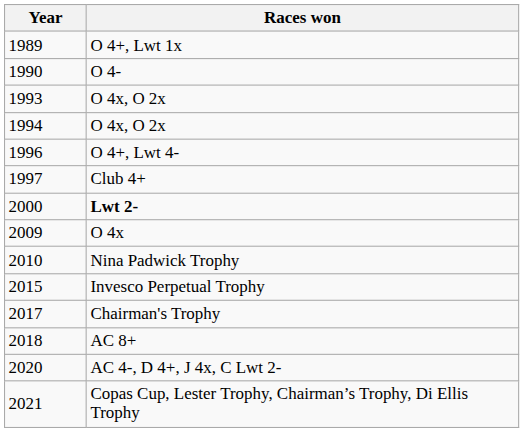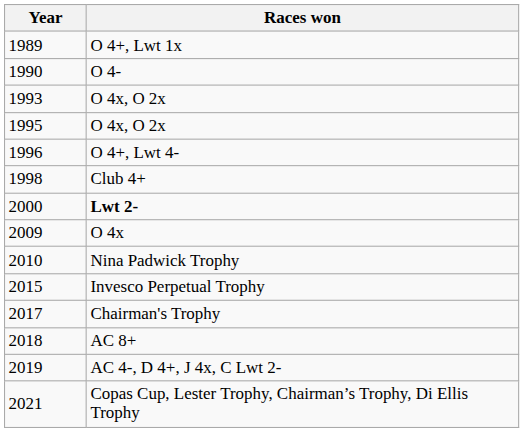 <table class="wikitable">
 <tr>
 <th width=70>Year</th>
 <th width=400>Races won</th>
 </tr>
 <tr>
 <td>1989</td>
 <td>O 4+, Lwt 1x</td>
 </tr>
 <tr>
 <td>1990</td>
 <td>O 4-</td>
 </tr>
 <tr>
 <td>1993</td>
 <td>O 4x, O 2x</td>
 </tr>
 <tr>
-<td>1994</td>
+<td>1995</td>
 <td>O 4x, O 2x</td>
 </tr>
 <tr>
 <td>1996</td>
 <td>O 4+, Lwt 4-</td>
 </tr>
 <tr>
-<td>1997</td>
+<td>1998</td>
 <td>Club 4+</td>
 </tr>
 <tr>
 <td>2000</td>
 <td><strong>Lwt 2-</strong></td>
 </tr>
 <tr>
 <td>2009</td>
 <td>O 4x</td>
 </tr>
 <tr>
 <td>2010</td>
 <td>Nina Padwick Trophy</td>
 </tr>
 <tr>
 <td>2015</td>
 <td>Invesco Perpetual Trophy</td>
 </tr>
 <tr>
 <td>2017</td>
 <td>Chairman's Trophy</td>
 </tr>
 <tr>
 <td>2018</td>
 <td>AC 8+</td>
 </tr>
 <tr>
-<td>2020</td>
+<td>2019</td>
 <td>AC 4-, D 4+, J 4x, C Lwt 2-</td>
 </tr>
 <tr>
 <td>2021</td>
 <td>Copas Cup, Lester Trophy, Chairman’s Trophy, Di Ellis Trophy</td>
 </tr>
 </table>
